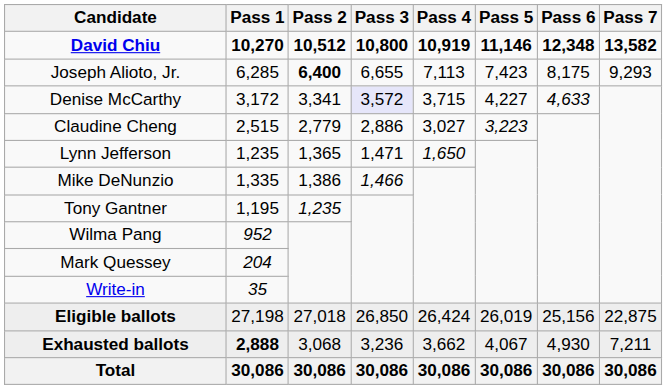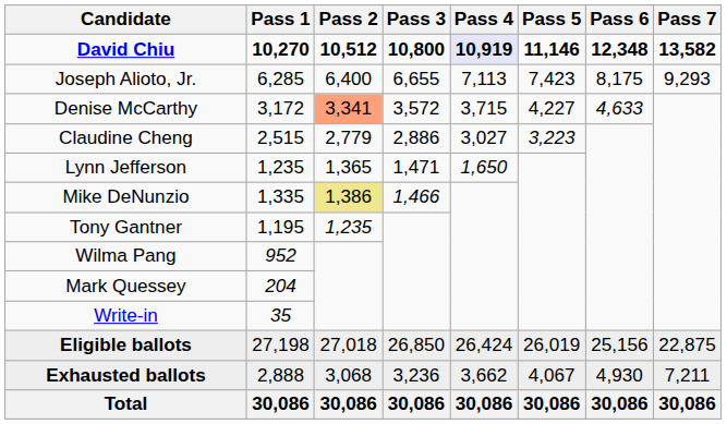 <table class="wikitable" style="text-align: center;">
 <tr>
 <th width="200">Candidate</th>
 <th>Pass 1</th>
 <th>Pass 2</th>
 <th>Pass 3</th>
 <th>Pass 4</th>
 <th>Pass 5</th>
 <th>Pass 6</th>
 <th>Pass 7</th>
 </tr>
 <tr>
 <td><strong><a href='#'>David Chiu</a></strong></td>
 <td><strong>10,270</strong></td>
 <td><strong>10,512</strong></td>
 <td><strong>10,800</strong></td>
-<td><strong>10,919</strong></td>
+<td style="background: lavender;"><strong>10,919</strong></td>
 <td><strong>11,146</strong></td>
 <td><strong>12,348</strong></td>
 <td><strong>13,582</strong></td>
 </tr>
 <tr>
 <td>Joseph Alioto, Jr.</td>
 <td>6,285</td>
-<td><strong>6,400</strong></td>
+<td>6,400</td>
 <td>6,655</td>
 <td>7,113</td>
 <td>7,423</td>
 <td>8,175</td>
 <td>9,293</td>
 </tr>
 <tr>
 <td>Denise McCarthy</td>
 <td>3,172</td>
-<td>3,341</td>
-<td style="background: lavender;">3,572</td>
+<td style="background: lightsalmon;">3,341</td>
+<td>3,572</td>
 <td>3,715</td>
 <td>4,227</td>
 <td><em>4,633</em></td>
 <td rowspan="8"></td>
 </tr>
 <tr>
 <td>Claudine Cheng</td>
 <td>2,515</td>
 <td>2,779</td>
 <td>2,886</td>
 <td>3,027</td>
 <td><em>3,223</em></td>
 <td rowspan="7"></td>
 </tr>
 <tr>
 <td>Lynn Jefferson</td>
 <td>1,235</td>
 <td>1,365</td>
 <td>1,471</td>
 <td><em>1,650</em></td>
 <td rowspan="6"></td>
 </tr>
 <tr>
 <td>Mike DeNunzio</td>
 <td>1,335</td>
-<td>1,386</td>
+<td style="background: khaki;">1,386</td>
 <td><em>1,466</em></td>
 <td rowspan="5"></td>
 </tr>
 <tr>
 <td>Tony Gantner</td>
 <td>1,195</td>
 <td><em>1,235</em></td>
 <td rowspan="4"></td>
 </tr>
 <tr>
 <td>Wilma Pang</td>
 <td><em>952</em></td>
 <td rowspan="3"></td>
 </tr>
 <tr>
 <td>Mark Quessey</td>
 <td><em>204</em></td>
 </tr>
 <tr>
 <td><a href='#'>Write-in</a></td>
 <td><em>35</em></td>
 </tr>
 <tr bgcolor="#EEEEEE">
 <td><strong>Eligible ballots</strong></td>
 <td>27,198</td>
 <td>27,018</td>
 <td>26,850</td>
 <td>26,424</td>
 <td>26,019</td>
 <td>25,156</td>
 <td>22,875</td>
 </tr>
 <tr bgcolor="#EEEEEE">
 <td><strong>Exhausted ballots</strong></td>
-<td><strong>2,888</strong></td>
+<td>2,888</td>
 <td>3,068</td>
 <td>3,236</td>
 <td>3,662</td>
 <td>4,067</td>
 <td>4,930</td>
 <td>7,211</td>
 </tr>
 <tr>
 <th scope="row">Total</th>
 <th>30,086</th>
 <th>30,086</th>
 <th>30,086</th>
 <th>30,086</th>
 <th>30,086</th>
 <th>30,086</th>
 <th>30,086</th>
 </tr>
 </table>
